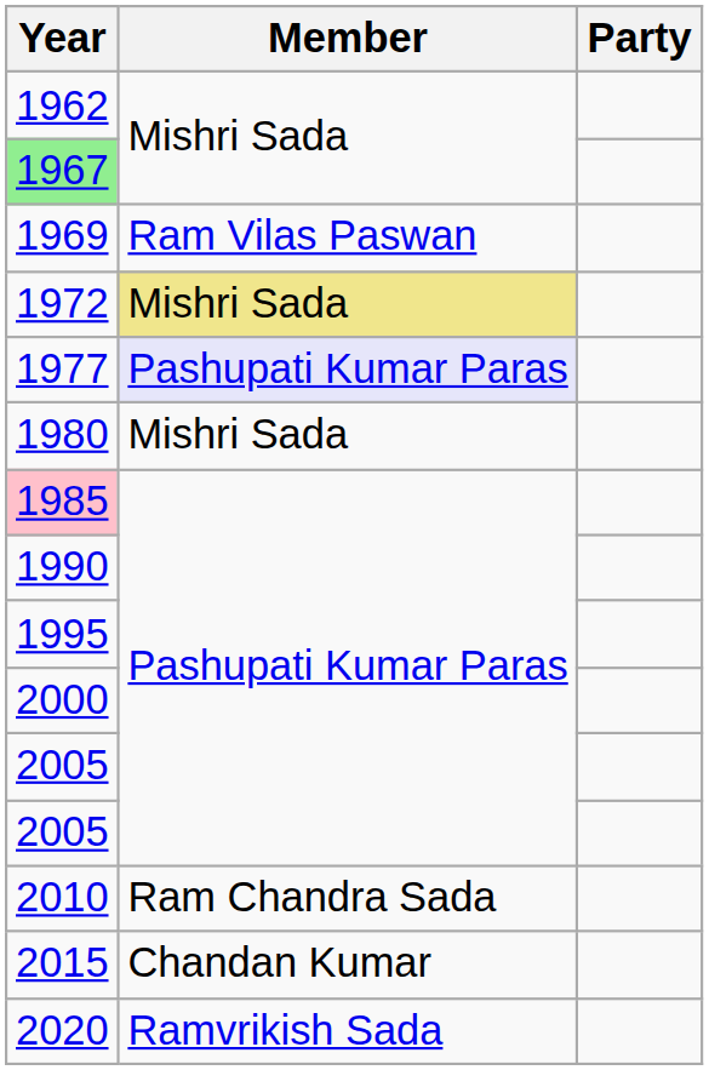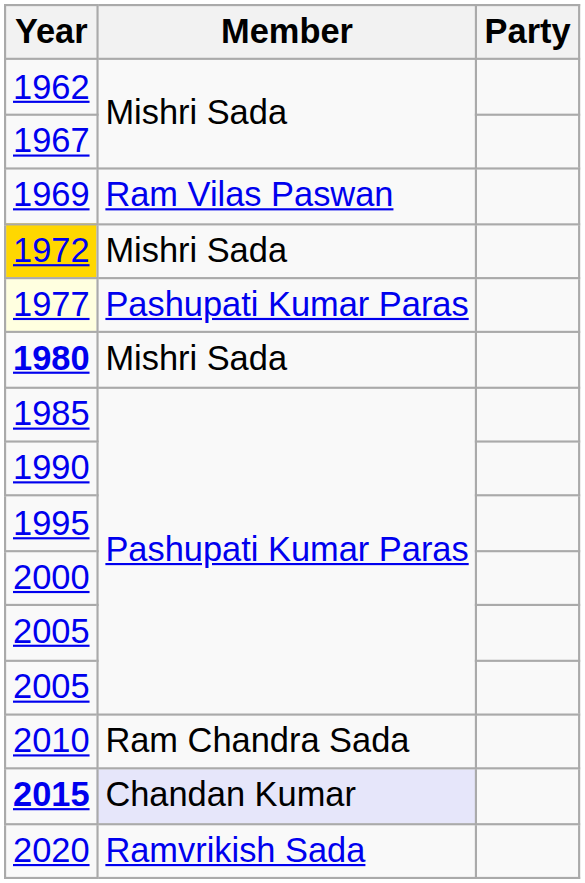 <table class="wikitable sortable">
 <tr>
 <th>Year</th>
 <th>Member</th>
 <th colspan="2">Party</th>
 </tr>
 <tr>
 <td><a href='#'>1962</a></td>
 <td rowspan="2">Mishri Sada</td>
 <td></td>
 </tr>
 <tr>
-<td style="background: lightgreen;"><a href='#'>1967</a></td>
+<td><a href='#'>1967</a></td>
 </tr>
 <tr>
 <td><a href='#'>1969</a></td>
 <td><a href='#'>Ram Vilas Paswan</a></td>
 <td></td>
 </tr>
 <tr>
-<td><a href='#'>1972</a></td>
-<td style="background: khaki;">Mishri Sada</td>
-<td></td>
-</tr>
-<tr>
-<td><a href='#'>1977</a></td>
-<td style="background: lavender;"><a href='#'>Pashupati Kumar Paras</a></td>
-<td></td>
-</tr>
-<tr>
-<td><a href='#'>1980</a></td>
+<td style="background: gold;"><a href='#'>1972</a></td>
 <td>Mishri Sada</td>
 <td></td>
 </tr>
 <tr>
-<td style="background: pink;"><a href='#'>1985</a></td>
+<td style="background: lightyellow;"><a href='#'>1977</a></td>
+<td><a href='#'>Pashupati Kumar Paras</a></td>
+<td></td>
+</tr>
+<tr>
+<td><strong><a href='#'>1980</a></strong></td>
+<td>Mishri Sada</td>
+<td></td>
+</tr>
+<tr>
+<td><a href='#'>1985</a></td>
 <td rowspan="6"><a href='#'>Pashupati Kumar Paras</a></td>
 <td></td>
 </tr>
 <tr>
 <td><a href='#'>1990</a></td>
 <td></td>
 </tr>
 <tr>
 <td><a href='#'>1995</a></td>
 </tr>
 <tr>
 <td><a href='#'>2000</a></td>
 <td></td>
 </tr>
 <tr>
 <td><a href='#'>2005</a></td>
 <td></td>
 </tr>
 <tr>
 <td><a href='#'>2005</a></td>
 </tr>
 <tr>
 <td><a href='#'>2010</a></td>
 <td>Ram Chandra Sada</td>
 <td></td>
 </tr>
 <tr>
-<td><a href='#'>2015</a></td>
-<td>Chandan Kumar</td>
+<td><strong><a href='#'>2015</a></strong></td>
+<td style="background: lavender;">Chandan Kumar</td>
 <td></td>
 </tr>
 <tr>
 <td><a href='#'>2020</a></td>
 <td><a href='#'>Ramvrikish Sada</a></td>
 </tr>
 </table>
